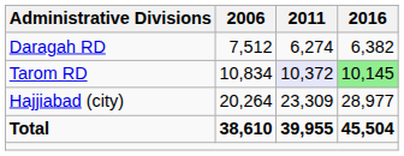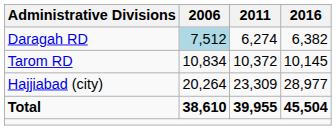 <table class="wikitable">
 <tr>
 <th>Administrative Divisions</th>
 <th>2006</th>
 <th>2011</th>
 <th>2016</th>
 </tr>
 <tr>
 <td><a href='#'>Daragah RD</a></td>
-<td style="text-align: right;">7,512</td>
+<td style="background: lightblue; text-align: right;">7,512</td>
 <td style="text-align: right;">6,274</td>
 <td style="text-align: right;">6,382</td>
 </tr>
 <tr>
 <td><a href='#'>Tarom RD</a></td>
 <td style="text-align: right;">10,834</td>
-<td style="background: lavender; text-align: right;">10,372</td>
-<td style="background: lightgreen; text-align: right;">10,145</td>
+<td style="text-align: right;">10,372</td>
+<td style="text-align: right;">10,145</td>
 </tr>
 <tr>
 <td><a href='#'>Hajjiabad</a> (city)</td>
 <td style="text-align: right;">20,264</td>
 <td style="text-align: right;">23,309</td>
 <td style="text-align: right;">28,977</td>
 </tr>
 <tr>
 <td><strong>Total</strong></td>
 <td style="text-align: right;"><strong>38,610</strong></td>
 <td style="text-align: right;"><strong>39,955</strong></td>
 <td style="text-align: right;"><strong>45,504</strong></td>
 </tr>
 <tr>
 <td colspan=4></td>
 </tr>
 </table>
